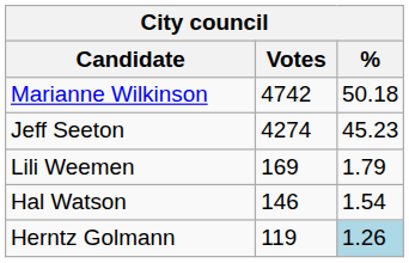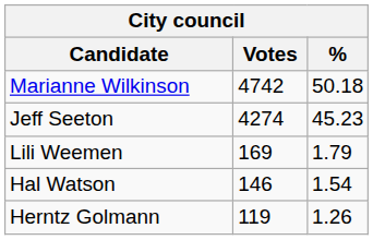 <table class="wikitable">
 <tr>
 <th colspan="3">City council</th>
 </tr>
 <tr>
 <th style="width: 170px">Candidate</th>
 <th style="width: 50px">Votes</th>
 <th style="width: 40px">%</th>
 </tr>
 <tr>
 <td><a href='#'>Marianne Wilkinson</a></td>
 <td>4742</td>
 <td>50.18</td>
 </tr>
 <tr>
 <td>Jeff Seeton</td>
 <td>4274</td>
 <td>45.23</td>
 </tr>
 <tr>
 <td>Lili Weemen</td>
 <td>169</td>
 <td>1.79</td>
 </tr>
 <tr>
 <td>Hal Watson</td>
 <td>146</td>
 <td>1.54</td>
 </tr>
 <tr>
 <td>Herntz Golmann</td>
 <td>119</td>
-<td style="background: lightblue;">1.26</td>
+<td>1.26</td>
 </tr>
 </table>
